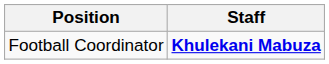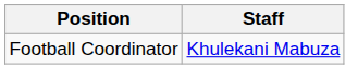 <table class="wikitable">
 <tr>
 <th>Position</th>
 <th>Staff</th>
 </tr>
 <tr>
 <td>Football Coordinator</td>
-<td><strong> <a href='#'>Khulekani Mabuza</a></strong></td>
+<td> <a href='#'>Khulekani Mabuza</a></td>
 </tr>
 </table>
